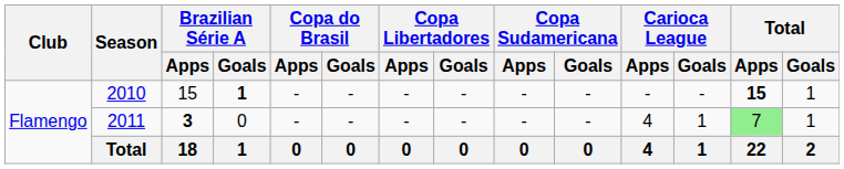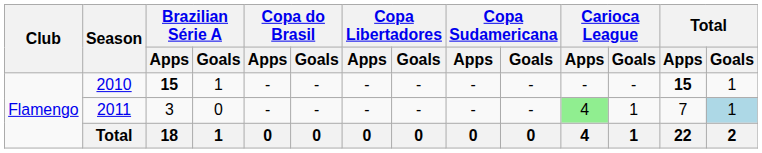 <table class="wikitable" style="text-align: center;">
 <tr>
 <th rowspan="2">Club</th>
 <th rowspan="2">Season</th>
 <th colspan="2"><a href='#'>Brazilian Série A</a></th>
 <th colspan="2"><a href='#'>Copa do Brasil</a></th>
 <th colspan="2"><a href='#'>Copa Libertadores</a></th>
 <th colspan="2"><a href='#'>Copa Sudamericana</a></th>
 <th colspan="2"><a href='#'>Carioca League</a></th>
 <th colspan="2">Total</th>
 </tr>
 <tr>
 <th>Apps</th>
 <th>Goals</th>
 <th>Apps</th>
 <th>Goals</th>
 <th>Apps</th>
 <th>Goals</th>
 <th>Apps</th>
 <th>Goals</th>
 <th>Apps</th>
 <th>Goals</th>
 <th>Apps</th>
 <th>Goals</th>
 </tr>
 <tr>
 <td rowspan="3" valign="center"><a href='#'>Flamengo</a></td>
 <td><a href='#'>2010</a></td>
-<td>15</td>
-<td><strong>1</strong></td>
+<td><strong>15</strong></td>
+<td>1</td>
 <td>-</td>
 <td>-</td>
 <td>-</td>
 <td>-</td>
 <td>-</td>
 <td>-</td>
 <td>-</td>
 <td>-</td>
 <td><strong>15</strong></td>
 <td>1</td>
 </tr>
 <tr>
 <td><a href='#'>2011</a></td>
-<td><strong>3</strong></td>
+<td>3</td>
 <td>0</td>
 <td>-</td>
 <td>-</td>
 <td>-</td>
 <td>-</td>
 <td>-</td>
 <td>-</td>
-<td>4</td>
+<td style="background: lightgreen;">4</td>
 <td>1</td>
-<td style="background: lightgreen;">7</td>
-<td>1</td>
+<td>7</td>
+<td style="background: lightblue;">1</td>
 </tr>
 <tr>
 <th colspan="1"><strong>Total</strong></th>
 <th>18</th>
 <th>1</th>
 <th>0</th>
 <th>0</th>
 <th>0</th>
 <th>0</th>
 <th>0</th>
 <th>0</th>
 <th>4</th>
 <th>1</th>
 <th>22</th>
 <th>2</th>
 </tr>
 </table>
